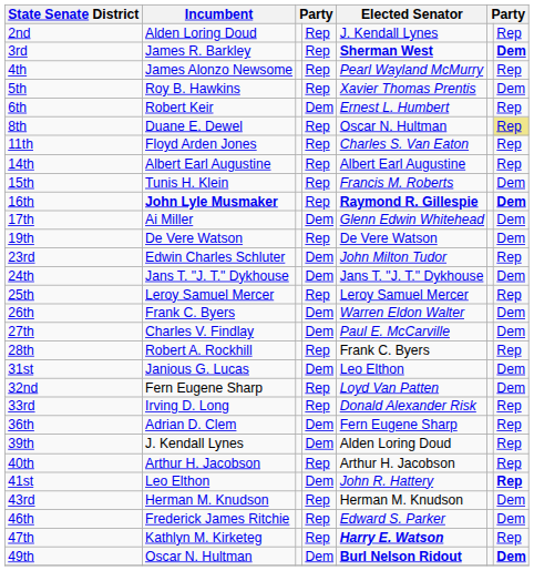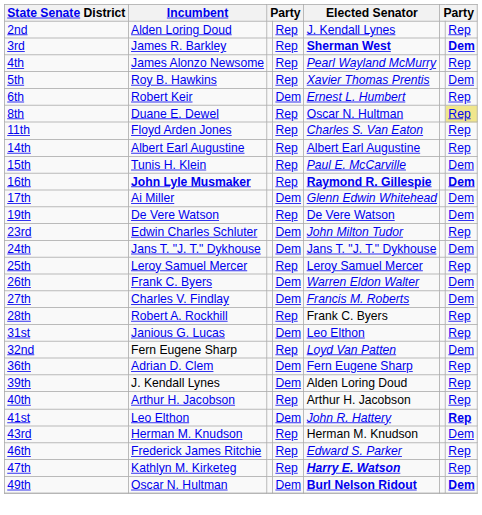 <table class="sortable wikitable" style="font-size:95%;line-height:14px;">
 <tr>
 <th class="unsortable"><a href='#'>State Senate</a> District</th>
 <th class="unsortable"><a href='#'>Incumbent</a></th>
 <th colspan="2">Party</th>
 <th class="unsortable">Elected Senator</th>
 <th colspan="2">Party</th>
 </tr>
 <tr>
 <td><a href='#'>2nd</a></td>
 <td><a href='#'>Alden Loring Doud</a></td>
 <td style="background:"></td>
 <td><a href='#'>Rep</a></td>
 <td><a href='#'>J. Kendall Lynes</a></td>
 <td style="background:"></td>
 <td><a href='#'>Rep</a></td>
 </tr>
 <tr>
 <td><a href='#'>3rd</a></td>
 <td><a href='#'>James R. Barkley</a></td>
 <td style="background:"></td>
 <td><a href='#'>Rep</a></td>
 <td><strong><a href='#'>Sherman West</a></strong></td>
 <td style="background:"></td>
 <td><strong><a href='#'>Dem</a></strong></td>
 </tr>
 <tr>
 <td><a href='#'>4th</a></td>
 <td><a href='#'>James Alonzo Newsome</a></td>
 <td style="background:"></td>
 <td><a href='#'>Rep</a></td>
 <td><em><a href='#'>Pearl Wayland McMurry</a></em></td>
 <td style="background:"></td>
 <td><a href='#'>Rep</a></td>
 </tr>
 <tr>
 <td><a href='#'>5th</a></td>
 <td><a href='#'>Roy B. Hawkins</a></td>
 <td style="background:"></td>
 <td><a href='#'>Rep</a></td>
 <td><em><a href='#'>Xavier Thomas Prentis</a></em></td>
 <td style="background:"></td>
 <td><a href='#'>Dem</a></td>
 </tr>
 <tr>
 <td><a href='#'>6th</a></td>
 <td><a href='#'>Robert Keir</a></td>
 <td style="background:"></td>
 <td><a href='#'>Dem</a></td>
 <td><em><a href='#'>Ernest L. Humbert</a></em></td>
 <td style="background:"></td>
 <td><a href='#'>Rep</a></td>
 </tr>
 <tr>
 <td><a href='#'>8th</a></td>
 <td><a href='#'>Duane E. Dewel</a></td>
 <td style="background:"></td>
 <td><a href='#'>Rep</a></td>
 <td><a href='#'>Oscar N. Hultman</a></td>
 <td style="background:"></td>
 <td style="background: khaki;"><a href='#'>Rep</a></td>
 </tr>
 <tr>
 <td><a href='#'>11th</a></td>
 <td><a href='#'>Floyd Arden Jones</a></td>
 <td style="background:"></td>
 <td><a href='#'>Rep</a></td>
 <td><em><a href='#'>Charles S. Van Eaton</a></em></td>
 <td style="background:"></td>
 <td><a href='#'>Rep</a></td>
 </tr>
 <tr>
 <td><a href='#'>14th</a></td>
 <td><a href='#'>Albert Earl Augustine</a></td>
 <td style="background:"></td>
 <td><a href='#'>Rep</a></td>
 <td><a href='#'>Albert Earl Augustine</a></td>
 <td style="background:"></td>
 <td><a href='#'>Rep</a></td>
 </tr>
 <tr>
 <td><a href='#'>15th</a></td>
 <td><a href='#'>Tunis H. Klein</a></td>
 <td style="background:"></td>
 <td><a href='#'>Rep</a></td>
-<td><em><a href='#'>Francis M. Roberts</a></em></td>
+<td><em><a href='#'>Paul E. McCarville</a></em></td>
 <td style="background:"></td>
 <td><a href='#'>Dem</a></td>
 </tr>
 <tr>
 <td><a href='#'>16th</a></td>
 <td><strong><a href='#'>John Lyle Musmaker</a></strong></td>
 <td style="background:"></td>
 <td><a href='#'>Rep</a></td>
 <td><strong><a href='#'>Raymond R. Gillespie</a></strong></td>
 <td style="background:"></td>
 <td><strong><a href='#'>Dem</a></strong></td>
 </tr>
 <tr>
 <td><a href='#'>17th</a></td>
 <td><a href='#'>Ai Miller</a></td>
 <td style="background:"></td>
 <td><a href='#'>Dem</a></td>
 <td><em><a href='#'>Glenn Edwin Whitehead</a></em></td>
 <td style="background:"></td>
 <td><a href='#'>Dem</a></td>
 </tr>
 <tr>
 <td><a href='#'>19th</a></td>
 <td><a href='#'>De Vere Watson</a></td>
 <td style="background:"></td>
 <td><a href='#'>Rep</a></td>
 <td><a href='#'>De Vere Watson</a></td>
 <td style="background:"></td>
 <td><a href='#'>Dem</a></td>
 </tr>
 <tr>
 <td><a href='#'>23rd</a></td>
 <td><a href='#'>Edwin Charles Schluter</a></td>
 <td style="background:"></td>
 <td><a href='#'>Dem</a></td>
 <td><em><a href='#'>John Milton Tudor</a></em></td>
 <td style="background:"></td>
 <td><a href='#'>Rep</a></td>
 </tr>
 <tr>
 <td><a href='#'>24th</a></td>
 <td><a href='#'>Jans T. "J. T." Dykhouse</a></td>
 <td style="background:"></td>
 <td><a href='#'>Dem</a></td>
 <td><a href='#'>Jans T. "J. T." Dykhouse</a></td>
 <td style="background:"></td>
 <td><a href='#'>Dem</a></td>
 </tr>
 <tr>
 <td><a href='#'>25th</a></td>
 <td><a href='#'>Leroy Samuel Mercer</a></td>
 <td style="background:"></td>
 <td><a href='#'>Rep</a></td>
 <td><a href='#'>Leroy Samuel Mercer</a></td>
 <td style="background:"></td>
 <td><a href='#'>Rep</a></td>
 </tr>
 <tr>
 <td><a href='#'>26th</a></td>
 <td><a href='#'>Frank C. Byers</a></td>
 <td style="background:"></td>
 <td><a href='#'>Dem</a></td>
 <td><em><a href='#'>Warren Eldon Walter</a></em></td>
 <td style="background:"></td>
 <td><a href='#'>Dem</a></td>
 </tr>
 <tr>
 <td><a href='#'>27th</a></td>
 <td><a href='#'>Charles V. Findlay</a></td>
 <td style="background:"></td>
 <td><a href='#'>Dem</a></td>
-<td><em><a href='#'>Paul E. McCarville</a></em></td>
+<td><em><a href='#'>Francis M. Roberts</a></em></td>
 <td style="background:"></td>
 <td><a href='#'>Dem</a></td>
 </tr>
 <tr>
 <td><a href='#'>28th</a></td>
 <td><a href='#'>Robert A. Rockhill</a></td>
 <td style="background:"></td>
 <td><a href='#'>Rep</a></td>
 <td>Frank C. Byers</td>
 <td style="background:"></td>
 <td><a href='#'>Rep</a></td>
 </tr>
 <tr>
 <td><a href='#'>31st</a></td>
 <td><a href='#'>Janious G. Lucas</a></td>
 <td style="background:"></td>
 <td><a href='#'>Dem</a></td>
 <td><a href='#'>Leo Elthon</a></td>
 <td style="background:"></td>
-<td><a href='#'>Dem</a></td>
+<td><a href='#'>Rep</a></td>
 </tr>
 <tr>
 <td><a href='#'>32nd</a></td>
 <td>Fern Eugene Sharp</td>
 <td style="background:"></td>
 <td><a href='#'>Rep</a></td>
 <td><em><a href='#'>Loyd Van Patten</a></em></td>
 <td style="background:"></td>
 <td><a href='#'>Dem</a></td>
-</tr>
-<tr>
-<td><a href='#'>33rd</a></td>
-<td><a href='#'>Irving D. Long</a></td>
-<td style="background:"></td>
-<td><a href='#'>Rep</a></td>
-<td><em><a href='#'>Donald Alexander Risk</a></em></td>
-<td style="background:"></td>
-<td><a href='#'>Rep</a></td>
 </tr>
 <tr>
 <td><a href='#'>36th</a></td>
 <td><a href='#'>Adrian D. Clem</a></td>
 <td style="background:"></td>
 <td><a href='#'>Dem</a></td>
 <td><a href='#'>Fern Eugene Sharp</a></td>
 <td style="background:"></td>
 <td><a href='#'>Rep</a></td>
 </tr>
 <tr>
 <td><a href='#'>39th</a></td>
 <td>J. Kendall Lynes</td>
 <td style="background:"></td>
 <td><a href='#'>Dem</a></td>
 <td>Alden Loring Doud</td>
 <td style="background:"></td>
 <td><a href='#'>Rep</a></td>
 </tr>
 <tr>
 <td><a href='#'>40th</a></td>
 <td><a href='#'>Arthur H. Jacobson</a></td>
 <td style="background:"></td>
 <td><a href='#'>Rep</a></td>
 <td>Arthur H. Jacobson</td>
 <td style="background:"></td>
 <td><a href='#'>Rep</a></td>
 </tr>
 <tr>
 <td><a href='#'>41st</a></td>
 <td><a href='#'>Leo Elthon</a></td>
 <td style="background:"></td>
 <td><a href='#'>Dem</a></td>
 <td><em><a href='#'>John R. Hattery</a></em></td>
 <td style="background:"></td>
 <td><strong><a href='#'>Rep</a></strong></td>
 </tr>
 <tr>
 <td><a href='#'>43rd</a></td>
 <td><a href='#'>Herman M. Knudson</a></td>
 <td style="background:"></td>
 <td><a href='#'>Rep</a></td>
 <td>Herman M. Knudson</td>
 <td style="background:"></td>
 <td><a href='#'>Dem</a></td>
 </tr>
 <tr>
 <td><a href='#'>46th</a></td>
 <td><a href='#'>Frederick James Ritchie</a></td>
 <td style="background:"></td>
 <td><a href='#'>Rep</a></td>
 <td><em><a href='#'>Edward S. Parker</a></em></td>
 <td style="background:"></td>
-<td><a href='#'>Dem</a></td>
+<td><a href='#'>Rep</a></td>
 </tr>
 <tr>
 <td><a href='#'>47th</a></td>
 <td><a href='#'>Kathlyn M. Kirketeg</a></td>
 <td style="background:"></td>
 <td><a href='#'>Rep</a></td>
 <td><strong><em><a href='#'>Harry E. Watson</a></em></strong></td>
 <td style="background:"></td>
 <td><a href='#'>Rep</a></td>
 </tr>
 <tr>
 <td><a href='#'>49th</a></td>
 <td><a href='#'>Oscar N. Hultman</a></td>
 <td style="background:"></td>
 <td><a href='#'>Dem</a></td>
 <td><strong><a href='#'>Burl Nelson Ridout</a></strong></td>
 <td style="background:"></td>
 <td><strong><a href='#'>Dem</a></strong></td>
 </tr>
 <tr>
 </tr>
 </table>
